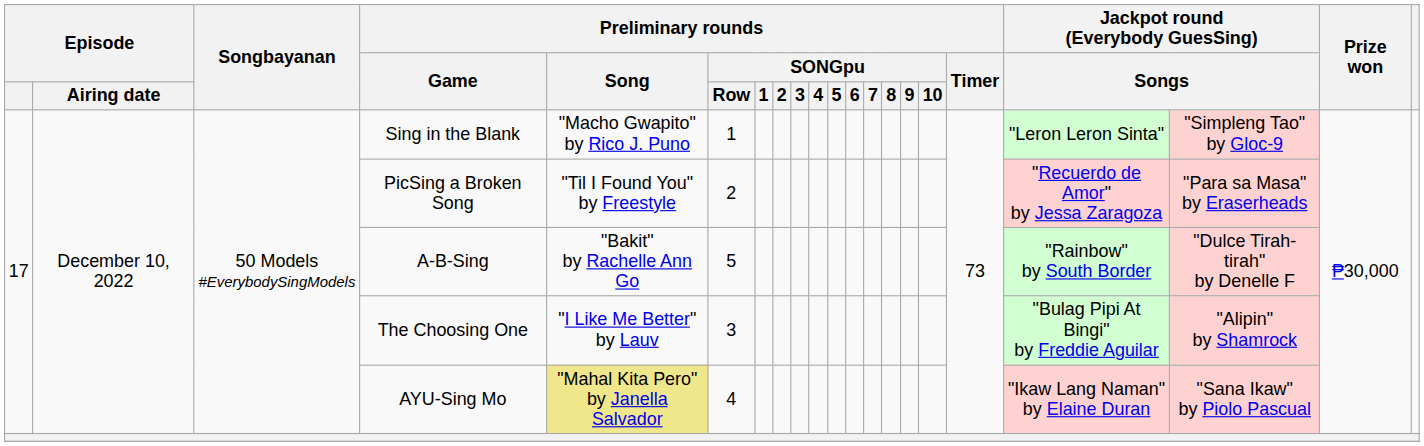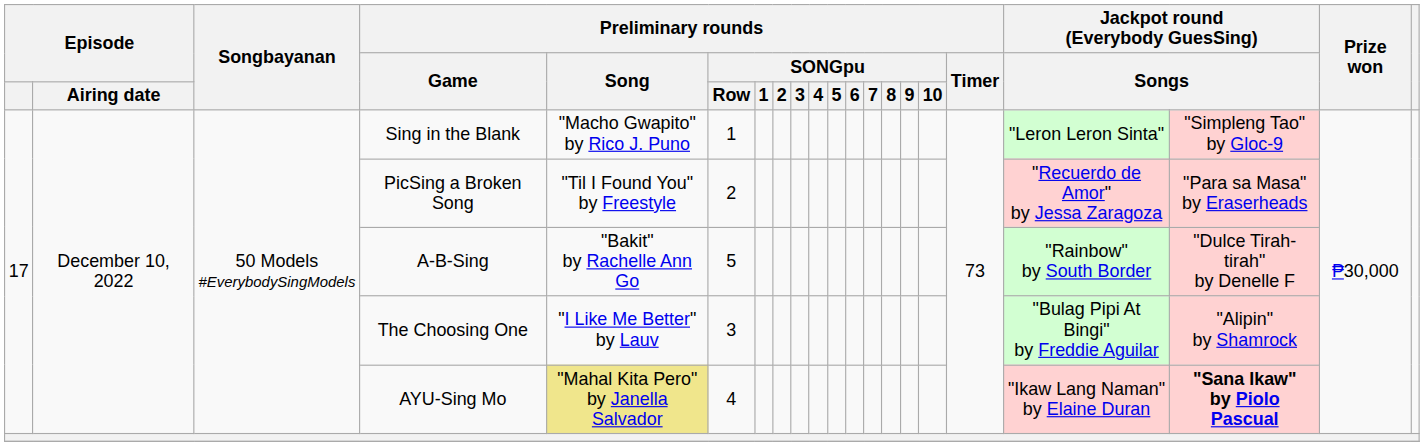 <table class="wikitable mw-collapsible mw-collapsed" style="text-align:center; width:100%">
 <tr>
 <th colspan=2 rowspan=2>Episode</th>
 <th rowspan=3>Songbayanan</th>
 <th colspan=14>Preliminary rounds</th>
 <th colspan=2>Jackpot round<br>(Everybody GuesSing)</th>
 <th rowspan=3>Prize won</th>
 <th rowspan=3></th>
 </tr>
 <tr>
 <th rowspan=2>Game</th>
 <th rowspan=2>Song</th>
 <th colspan=11>SONGpu</th>
 <th rowspan=2>Timer</th>
 <th colspan=2 rowspan=2>Songs</th>
 </tr>
 <tr>
 <th></th>
 <th>Airing date</th>
 <th>Row</th>
 <th>1</th>
 <th>2</th>
 <th>3</th>
 <th>4</th>
 <th>5</th>
 <th>6</th>
 <th>7</th>
 <th>8</th>
 <th>9</th>
 <th>10</th>
 </tr>
 <tr>
 <td rowspan=5>17</td>
 <td rowspan=5>December 10, 2022</td>
 <td rowspan=5>50 Models<br><small><em>#EverybodySingModels</em></small></td>
 <td>Sing in the Blank</td>
 <td>"Macho Gwapito"<br>by <a href='#'>Rico J. Puno</a></td>
 <td>1</td>
 <td></td>
 <td></td>
 <td></td>
 <td></td>
 <td></td>
 <td></td>
 <td></td>
 <td></td>
 <td></td>
 <td></td>
 <td rowspan=5>73 </td>
 <td bgcolor=D2FFD2>"Leron Leron Sinta"</td>
 <td bgcolor=FFD2D2>"Simpleng Tao"<br>by <a href='#'>Gloc-9</a></td>
 <td rowspan=5><a href='#'>₱</a>30,000</td>
 <td rowspan=5></td>
 </tr>
 <tr>
 <td>PicSing a Broken Song</td>
 <td>"Til I Found You"<br>by <a href='#'>Freestyle</a></td>
 <td>2</td>
 <td></td>
 <td></td>
 <td></td>
 <td></td>
 <td></td>
 <td></td>
 <td></td>
 <td></td>
 <td></td>
 <td></td>
 <td bgcolor=FFD2D2>"<a href='#'>Recuerdo de Amor</a>"<br>by <a href='#'>Jessa Zaragoza</a></td>
 <td bgcolor=FFD2D2>"Para sa Masa"<br>by <a href='#'>Eraserheads</a></td>
 </tr>
 <tr>
 <td>A-B-Sing</td>
 <td>"Bakit"<br>by <a href='#'>Rachelle Ann Go</a></td>
 <td>5</td>
 <td></td>
 <td></td>
 <td></td>
 <td></td>
 <td></td>
 <td></td>
 <td></td>
 <td></td>
 <td></td>
 <td></td>
 <td bgcolor=D2FFD2>"Rainbow"<br>by <a href='#'>South Border</a></td>
 <td bgcolor=FFD2D2>"Dulce Tirah-tirah"<br>by Denelle F</td>
 </tr>
 <tr>
 <td>The Choosing One</td>
 <td>"<a href='#'>I Like Me Better</a>"<br>by <a href='#'>Lauv</a></td>
 <td>3</td>
 <td></td>
 <td></td>
 <td></td>
 <td></td>
 <td></td>
 <td></td>
 <td></td>
 <td></td>
 <td></td>
 <td></td>
 <td bgcolor=D2FFD2>"Bulag Pipi At Bingi"<br>by <a href='#'>Freddie Aguilar</a></td>
 <td bgcolor=FFD2D2>"Alipin"<br>by <a href='#'>Shamrock</a></td>
 </tr>
 <tr>
 <td>AYU-Sing Mo</td>
 <td style="background: khaki;">"Mahal Kita Pero"<br>by <a href='#'>Janella Salvador</a></td>
 <td>4</td>
 <td></td>
 <td></td>
 <td></td>
 <td></td>
 <td></td>
 <td></td>
 <td></td>
 <td></td>
 <td></td>
 <td></td>
 <td bgcolor=FFD2D2>"Ikaw Lang Naman"<br>by <a href='#'>Elaine Duran</a></td>
-<td bgcolor=FFD2D2>"Sana Ikaw"<br>by <a href='#'>Piolo Pascual</a></td>
+<td bgcolor=FFD2D2><strong>"Sana Ikaw"<br>by <a href='#'>Piolo Pascual</a></strong></td>
 </tr>
 <tr>
 <th colspan=21 bgcolor=555></th>
 </tr>
 <tr>
 </tr>
 </table>
